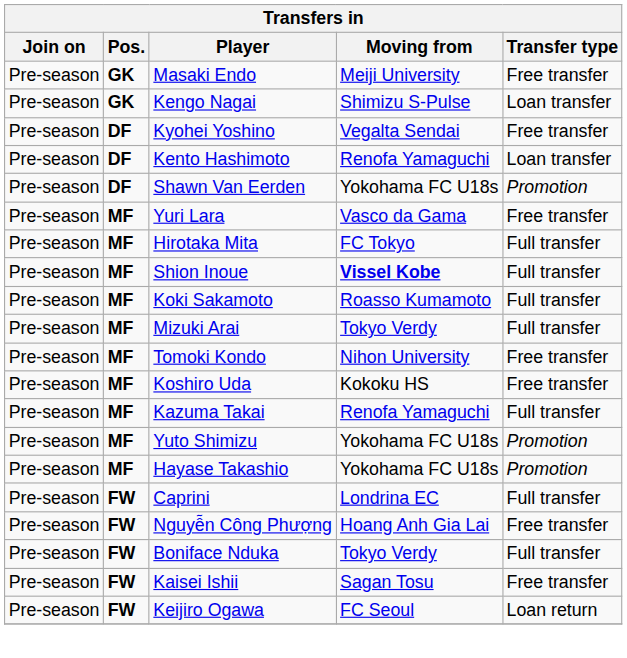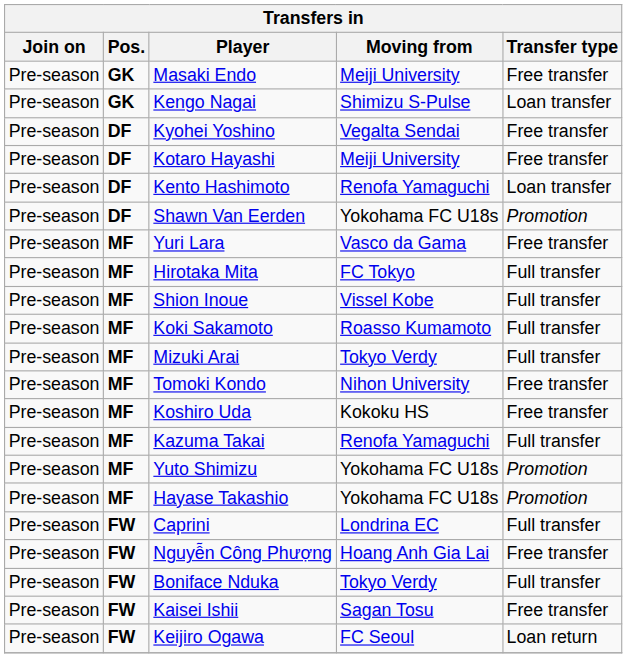 <table class="wikitable sortable" style=“text-align:left;>
 <tr>
 <th colspan="5">Transfers in</th>
 </tr>
 <tr>
 <th>Join on</th>
 <th>Pos.</th>
 <th>Player</th>
 <th>Moving from</th>
 <th>Transfer type</th>
 </tr>
 <tr>
 <td>Pre-season</td>
 <td><strong>GK</strong></td>
 <td> <a href='#'>Masaki Endo</a></td>
 <td> <a href='#'>Meiji University</a></td>
 <td>Free transfer</td>
 </tr>
 <tr>
 <td>Pre-season</td>
 <td><strong>GK</strong></td>
 <td> <a href='#'>Kengo Nagai</a></td>
 <td> <a href='#'>Shimizu S-Pulse</a></td>
 <td>Loan transfer</td>
 </tr>
 <tr>
 <td>Pre-season</td>
 <td><strong>DF</strong></td>
 <td> <a href='#'>Kyohei Yoshino</a></td>
 <td> <a href='#'>Vegalta Sendai</a></td>
 <td>Free transfer</td>
 </tr>
 <tr>
 <td>Pre-season</td>
 <td><strong>DF</strong></td>
+<td> <a href='#'>Kotaro Hayashi</a></td>
+<td> <a href='#'>Meiji University</a></td>
+<td>Free transfer</td>
+</tr>
+<tr>
+<td>Pre-season</td>
+<td><strong>DF</strong></td>
 <td> <a href='#'>Kento Hashimoto</a></td>
 <td> <a href='#'>Renofa Yamaguchi</a></td>
 <td>Loan transfer</td>
 </tr>
 <tr>
 <td>Pre-season</td>
 <td><strong>DF</strong></td>
 <td> <a href='#'>Shawn Van Eerden</a></td>
 <td>Yokohama FC U18s</td>
 <td><em>Promotion</em></td>
 </tr>
 <tr>
 <td>Pre-season</td>
 <td><strong>MF</strong></td>
 <td> <a href='#'>Yuri Lara</a></td>
 <td> <a href='#'>Vasco da Gama</a></td>
 <td>Free transfer</td>
 </tr>
 <tr>
 <td>Pre-season</td>
 <td><strong>MF</strong></td>
 <td> <a href='#'>Hirotaka Mita</a></td>
 <td> <a href='#'>FC Tokyo</a></td>
 <td>Full transfer</td>
 </tr>
 <tr>
 <td>Pre-season</td>
 <td><strong>MF</strong></td>
 <td> <a href='#'>Shion Inoue</a></td>
-<td><strong> <a href='#'>Vissel Kobe</a></strong></td>
+<td> <a href='#'>Vissel Kobe</a></td>
 <td>Full transfer</td>
 </tr>
 <tr>
 <td>Pre-season</td>
 <td><strong>MF</strong></td>
 <td> <a href='#'>Koki Sakamoto</a></td>
 <td> <a href='#'>Roasso Kumamoto</a></td>
 <td>Full transfer</td>
 </tr>
 <tr>
 <td>Pre-season</td>
 <td><strong>MF</strong></td>
 <td> <a href='#'>Mizuki Arai</a></td>
 <td> <a href='#'>Tokyo Verdy</a></td>
 <td>Full transfer</td>
 </tr>
 <tr>
 <td>Pre-season</td>
 <td><strong>MF</strong></td>
 <td> <a href='#'>Tomoki Kondo</a></td>
 <td> <a href='#'>Nihon University</a></td>
 <td>Free transfer</td>
 </tr>
 <tr>
 <td>Pre-season</td>
 <td><strong>MF</strong></td>
 <td> <a href='#'>Koshiro Uda</a></td>
 <td> Kokoku HS</td>
 <td>Free transfer</td>
 </tr>
 <tr>
 <td>Pre-season</td>
 <td><strong>MF</strong></td>
 <td> <a href='#'>Kazuma Takai</a></td>
 <td> <a href='#'>Renofa Yamaguchi</a></td>
 <td>Full transfer</td>
 </tr>
 <tr>
 <td>Pre-season</td>
 <td><strong>MF</strong></td>
 <td> <a href='#'>Yuto Shimizu</a></td>
 <td>Yokohama FC U18s</td>
 <td><em>Promotion</em></td>
 </tr>
 <tr>
 <td>Pre-season</td>
 <td><strong>MF</strong></td>
 <td> <a href='#'>Hayase Takashio</a></td>
 <td>Yokohama FC U18s</td>
 <td><em>Promotion</em></td>
 </tr>
 <tr>
 <td>Pre-season</td>
 <td><strong>FW</strong></td>
 <td> <a href='#'>Caprini</a></td>
 <td> <a href='#'>Londrina EC</a></td>
 <td>Full transfer</td>
 </tr>
 <tr>
 <td>Pre-season</td>
 <td><strong>FW</strong></td>
 <td> <a href='#'>Nguyễn Công Phượng</a></td>
 <td> <a href='#'>Hoang Anh Gia Lai</a></td>
 <td>Free transfer</td>
 </tr>
 <tr>
 <td>Pre-season</td>
 <td><strong>FW</strong></td>
 <td> <a href='#'>Boniface Nduka</a></td>
 <td> <a href='#'>Tokyo Verdy</a></td>
 <td>Full transfer</td>
 </tr>
 <tr>
 <td>Pre-season</td>
 <td><strong>FW</strong></td>
 <td> <a href='#'>Kaisei Ishii</a></td>
 <td> <a href='#'>Sagan Tosu</a></td>
 <td>Free transfer</td>
 </tr>
 <tr>
 <td>Pre-season</td>
 <td><strong>FW</strong></td>
 <td> <a href='#'>Keijiro Ogawa</a></td>
 <td> <a href='#'>FC Seoul</a></td>
 <td>Loan return</td>
 </tr>
 <tr>
 </tr>
 </table>
